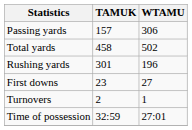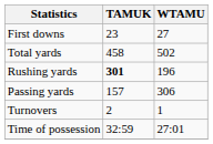 <table class="wikitable">
 <tr>
 <th>Statistics</th>
 <th>TAMUK</th>
 <th>WTAMU</th>
 </tr>
 <tr>
-<td>Passing yards</td>
-<td>157</td>
-<td>306</td>
+<td>First downs</td>
+<td>23</td>
+<td>27</td>
 </tr>
 <tr>
 <td>Total yards</td>
 <td>458</td>
 <td>502</td>
 </tr>
 <tr>
 <td>Rushing yards</td>
-<td>301</td>
+<td><strong>301</strong></td>
 <td>196</td>
 </tr>
 <tr>
-<td>First downs</td>
-<td>23</td>
-<td>27</td>
+<td>Passing yards</td>
+<td>157</td>
+<td>306</td>
 </tr>
 <tr>
 <td>Turnovers</td>
 <td>2</td>
 <td>1</td>
 </tr>
 <tr>
 <td>Time of possession</td>
 <td>32:59</td>
 <td>27:01</td>
 </tr>
 <tr>
 </tr>
 </table>
